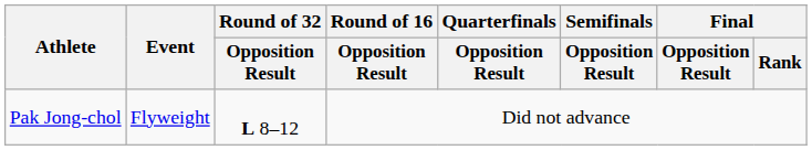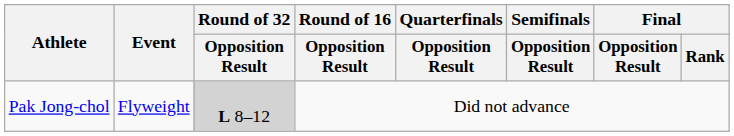 <table class="wikitable" style="font-size:90%">
 <tr>
 <th rowspan="2">Athlete</th>
 <th rowspan="2">Event</th>
 <th>Round of 32</th>
 <th>Round of 16</th>
 <th>Quarterfinals</th>
 <th>Semifinals</th>
 <th colspan=2>Final</th>
 </tr>
 <tr style="font-size:95%">
 <th>Opposition<br>Result</th>
 <th>Opposition<br>Result</th>
 <th>Opposition<br>Result</th>
 <th>Opposition<br>Result</th>
 <th>Opposition<br>Result</th>
 <th>Rank</th>
 </tr>
 <tr align=center>
 <td align=left><a href='#'>Pak Jong-chol</a></td>
 <td align=left><a href='#'>Flyweight</a></td>
-<td><br><strong>L</strong> 8–12</td>
+<td style="background: lightgrey;"><br><strong>L</strong> 8–12</td>
 <td colspan=5>Did not advance</td>
 </tr>
 </table>
